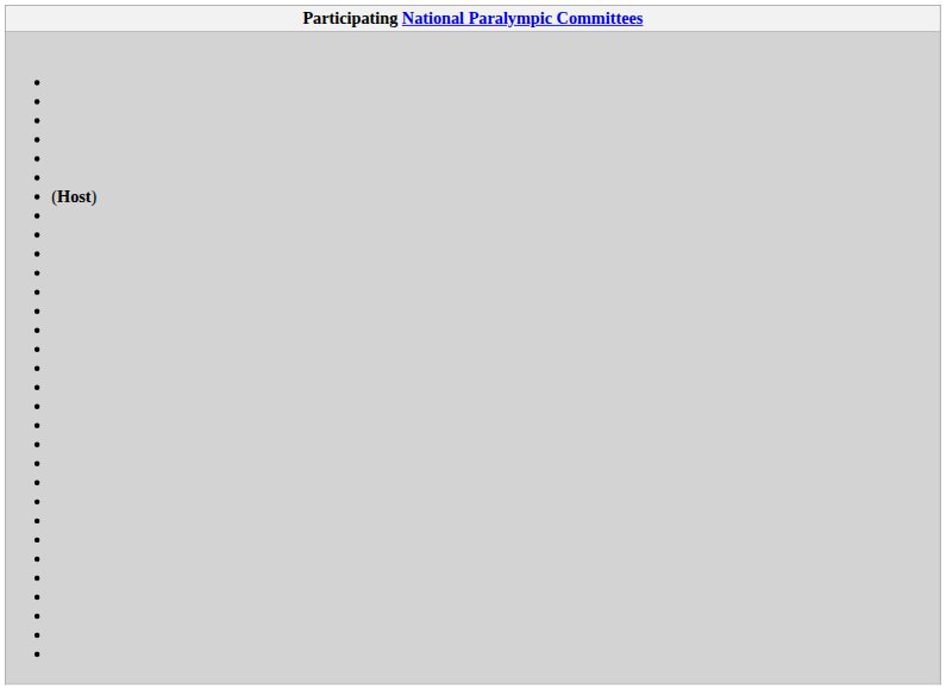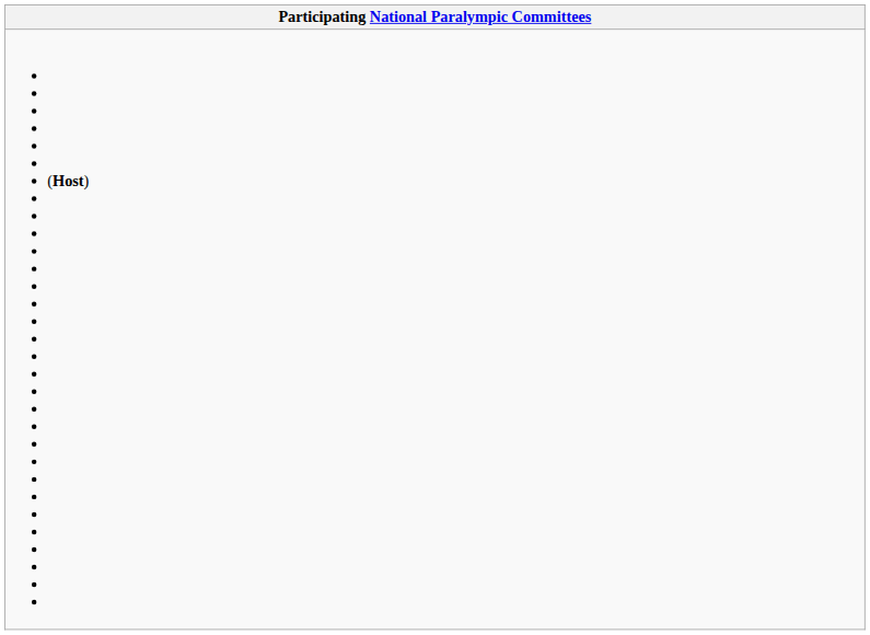 <table class="wikitable mw-collapsible" style="width:100%;">
 <tr>
 <th>Participating <a href='#'>National Paralympic Committees</a></th>
 </tr>
 <tr>
-<td style="background: lightgrey;"><br><ul><li></li><li></li><li></li><li></li><li></li><li></li><li> (<strong>Host</strong>)</li><li></li><li></li><li></li><li></li><li></li><li></li><li></li><li></li><li></li><li></li><li></li><li></li><li></li><li></li><li></li><li></li><li></li><li></li><li></li><li></li><li></li><li></li><li></li><li></li></ul></td>
+<td><br><ul><li></li><li></li><li></li><li></li><li></li><li></li><li> (<strong>Host</strong>)</li><li></li><li></li><li></li><li></li><li></li><li></li><li></li><li></li><li></li><li></li><li></li><li></li><li></li><li></li><li></li><li></li><li></li><li></li><li></li><li></li><li></li><li></li><li></li><li></li></ul></td>
 </tr>
 </table>
